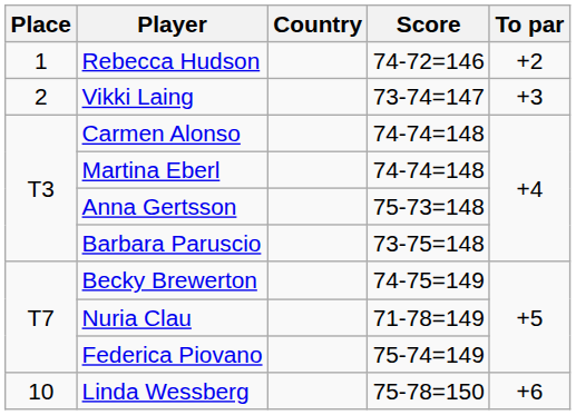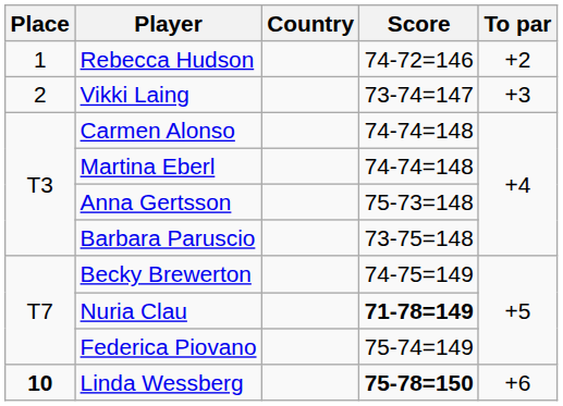 <table class="wikitable" style="font-size:95%;">
 <tr>
 <th>Place</th>
 <th>Player</th>
 <th>Country</th>
 <th>Score</th>
 <th>To par</th>
 </tr>
 <tr>
 <td align=center>1</td>
 <td><a href='#'>Rebecca Hudson</a></td>
 <td></td>
 <td align=center>74-72=146</td>
 <td align=center>+2</td>
 </tr>
 <tr>
 <td align=center>2</td>
 <td><a href='#'>Vikki Laing</a></td>
 <td></td>
 <td align=center>73-74=147</td>
 <td align=center>+3</td>
 </tr>
 <tr>
 <td rowspan="4" align="center">T3</td>
 <td><a href='#'>Carmen Alonso</a></td>
 <td></td>
 <td align=center>74-74=148</td>
 <td rowspan="4" align="center">+4</td>
 </tr>
 <tr>
 <td><a href='#'>Martina Eberl</a></td>
 <td></td>
 <td align=center>74-74=148</td>
 </tr>
 <tr>
 <td><a href='#'>Anna Gertsson</a></td>
 <td></td>
 <td>75-73=148</td>
 </tr>
 <tr>
 <td><a href='#'>Barbara Paruscio</a></td>
 <td></td>
 <td>73-75=148</td>
 </tr>
 <tr>
 <td rowspan="3" align=center>T7</td>
 <td><a href='#'>Becky Brewerton</a></td>
 <td></td>
 <td align=center>74-75=149</td>
 <td rowspan="3" align=center>+5</td>
 </tr>
 <tr>
 <td><a href='#'>Nuria Clau</a></td>
 <td></td>
-<td align=center>71-78=149</td>
+<td align=center><strong>71-78=149</strong></td>
 </tr>
 <tr>
 <td><a href='#'>Federica Piovano</a></td>
 <td></td>
 <td align=center>75-74=149</td>
 </tr>
 <tr>
-<td align=center>10</td>
+<td align=center><strong>10</strong></td>
 <td><a href='#'>Linda Wessberg</a></td>
 <td></td>
-<td align=center>75-78=150</td>
+<td align=center><strong>75-78=150</strong></td>
 <td align=center>+6</td>
 </tr>
 </table>
